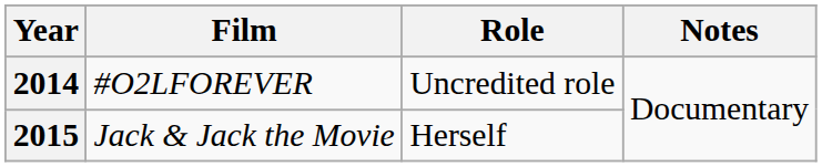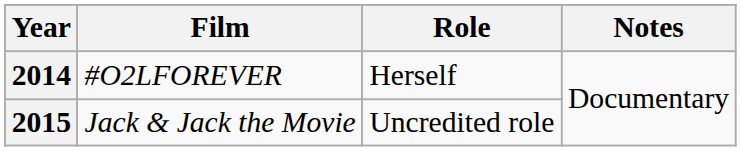 <table class="wikitable unsortable plainrowheaders">
 <tr>
 <th>Year</th>
 <th>Film</th>
 <th>Role</th>
 <th class="unsortable">Notes</th>
 </tr>
 <tr>
 <th scope="row">2014</th>
 <td><em>#O2LFOREVER</em></td>
-<td>Uncredited role</td>
+<td>Herself</td>
 <td rowspan="2">Documentary</td>
 </tr>
 <tr>
 <th scope="row">2015</th>
 <td><em>Jack & Jack the Movie</em></td>
-<td>Herself</td>
+<td>Uncredited role</td>
 </tr>
 </table>
